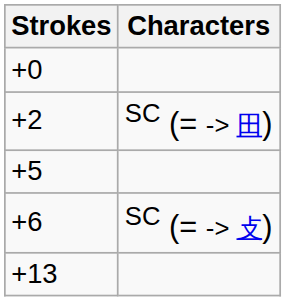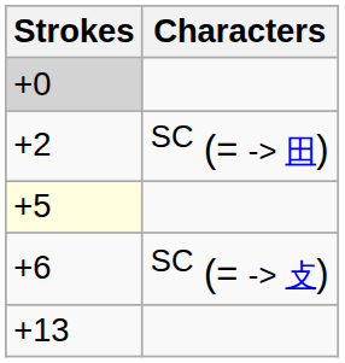 <table class="wikitable">
 <tr>
 <th>Strokes</th>
 <th>Characters</th>
 </tr>
 <tr --->
-<td>+0</td>
+<td style="background: lightgrey;">+0</td>
 <td style="font-size: large;"></td>
 </tr>
 <tr --->
 <td>+2</td>
 <td style="font-size: large;"><sup>SC</sup> (= <small>-> <a href='#'>田</a></small>)</td>
 </tr>
 <tr --->
-<td>+5</td>
+<td style="background: lightyellow;">+5</td>
 <td style="font-size: large;">  </td>
 </tr>
 <tr --->
 <td>+6</td>
 <td style="font-size: large;"><sup>SC</sup> (= <small>-> <a href='#'>攴</a></small>)</td>
 </tr>
 <tr --->
 <td>+13</td>
 <td style="font-size: large;"></td>
 </tr>
 </table>
